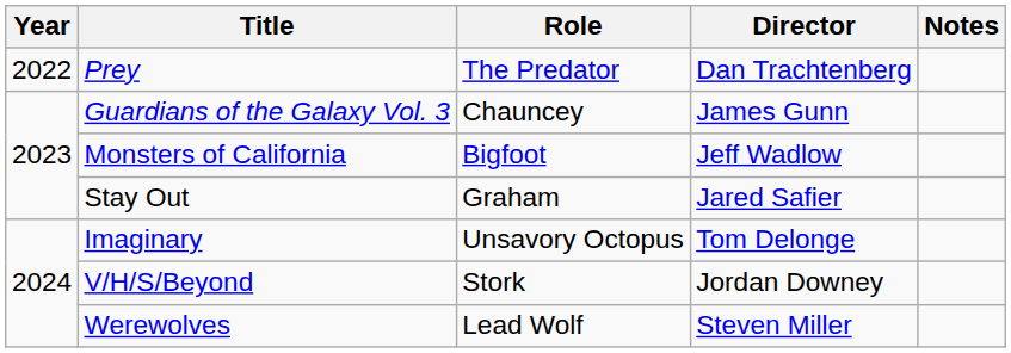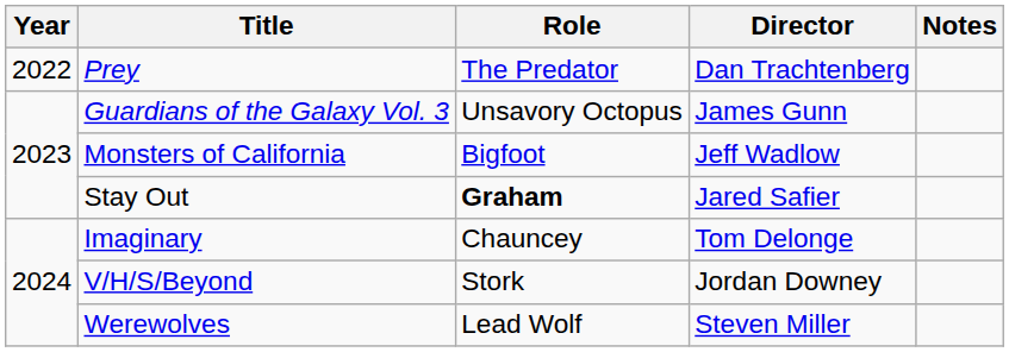 <table class="wikitable">
 <tr>
 <th>Year</th>
 <th>Title</th>
 <th>Role</th>
 <th>Director</th>
 <th class = "unsortable">Notes</th>
 </tr>
 <tr>
 <td rowspan=1>2022</td>
 <td><em><a href='#'>Prey</a></em></td>
 <td><a href='#'>The Predator</a></td>
 <td><a href='#'>Dan Trachtenberg</a></td>
 <td></td>
 </tr>
 <tr>
 <td rowspan=3>2023</td>
 <td><em><a href='#'>Guardians of the Galaxy Vol. 3</a></td>
-<td>Chauncey</td>
+<td>Unsavory Octopus</td>
 <td><a href='#'>James Gunn</a></td>
 <td></td>
 </tr>
 <tr>
 <td></em><a href='#'>Monsters of California</a><em></td>
 <td><a href='#'>Bigfoot</a></td>
 <td><a href='#'>Jeff Wadlow</a></td>
 <td></td>
 </tr>
 <tr>
 <td></em>Stay Out<em></td>
-<td>Graham</td>
+<td><strong>Graham</strong></td>
 <td><a href='#'>Jared Safier</a></td>
 <td></td>
 </tr>
 <tr>
 <td rowspan=3>2024</td>
 <td></em><a href='#'>Imaginary</a><em></td>
-<td>Unsavory Octopus</td>
+<td>Chauncey</td>
 <td><a href='#'>Tom Delonge</a></td>
 <td></td>
 </tr>
 <tr>
 <td></em><a href='#'>V/H/S/Beyond</a><em></td>
 <td>Stork</td>
 <td>Jordan Downey</td>
 <td></td>
 </tr>
 <tr>
 <td></em><a href='#'>Werewolves</a><em></td>
 <td>Lead Wolf</td>
 <td><a href='#'>Steven Miller</a></td>
 <td></td>
 </tr>
 </table>
